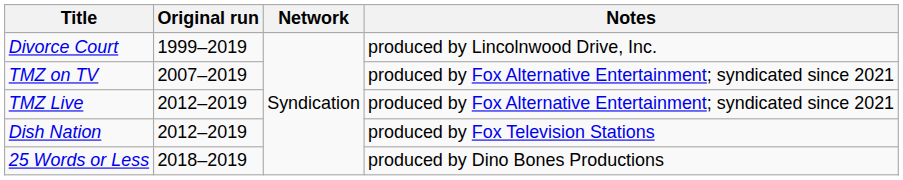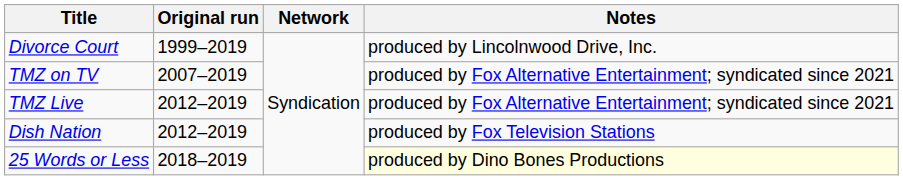 <table class="wikitable sortable">
 <tr>
 <th>Title</th>
 <th>Original run</th>
 <th>Network</th>
 <th>Notes</th>
 </tr>
 <tr>
 <td><em><a href='#'>Divorce Court</a></em></td>
 <td>1999–2019</td>
 <td rowspan="5">Syndication</td>
 <td>produced by Lincolnwood Drive, Inc.</td>
 </tr>
 <tr>
 <td><em><a href='#'>TMZ on TV</a></em></td>
 <td>2007–2019</td>
 <td>produced by <a href='#'>Fox Alternative Entertainment</a>; syndicated since 2021</td>
 </tr>
 <tr>
 <td><em><a href='#'>TMZ Live</a></em></td>
 <td>2012–2019</td>
 <td>produced by <a href='#'>Fox Alternative Entertainment</a>; syndicated since 2021</td>
 </tr>
 <tr>
 <td><em><a href='#'>Dish Nation</a></em></td>
 <td>2012–2019</td>
 <td>produced by <a href='#'>Fox Television Stations</a></td>
 </tr>
 <tr>
 <td><em><a href='#'>25 Words or Less</a></em></td>
 <td>2018–2019</td>
-<td>produced by Dino Bones Productions</td>
+<td style="background: lightyellow;">produced by Dino Bones Productions</td>
 </tr>
 </table>
